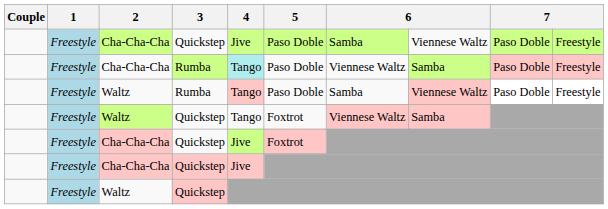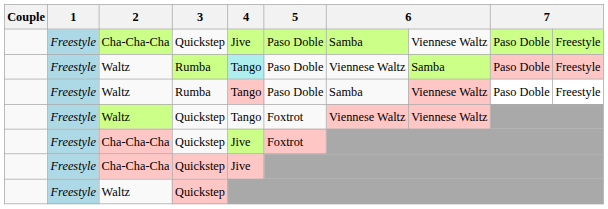 <table class="wikitable" style="text-align:left; font-size:100%; line-height:25px;">
 <tr>
 <th>Couple</th>
 <th>1</th>
 <th>2</th>
 <th>3</th>
 <th>4</th>
 <th>5</th>
 <th colspan=2>6</th>
 <th colspan=2>7</th>
 </tr>
 <tr>
 <td></td>
 <td style="background:lightblue;"><em>Freestyle</em></td>
 <td style="background:#ccff88;">Cha-Cha-Cha</td>
 <td>Quickstep</td>
 <td style="background:#ccff88;">Jive</td>
 <td style="background:#ccff88;">Paso Doble</td>
 <td style="background:#ccff88;">Samba</td>
 <td>Viennese Waltz</td>
 <td style="background:#ccff88;">Paso Doble</td>
 <td style="background:#ccff88;">Freestyle</td>
 </tr>
 <tr>
 <td></td>
 <td style="background:lightblue;"><em>Freestyle</em></td>
-<td>Cha-Cha-Cha</td>
+<td>Waltz</td>
 <td style="background:#ccff88;">Rumba</td>
 <td style="background: paleturquoise;">Tango</td>
 <td>Paso Doble</td>
 <td>Viennese Waltz</td>
 <td style="background:#ccff88;">Samba</td>
 <td style="background:#ffc6c6;">Paso Doble</td>
 <td style="background:#ffc6c6;">Freestyle</td>
 </tr>
 <tr>
 <td></td>
 <td style="background:lightblue;"><em>Freestyle</em></td>
 <td>Waltz</td>
 <td>Rumba</td>
 <td style="background:#ffc6c6;">Tango</td>
 <td>Paso Doble</td>
 <td>Samba</td>
 <td style="background:#ffc6c6;">Viennese Waltz</td>
 <td style="background:white;">Paso Doble</td>
 <td style="background:white;">Freestyle</td>
 </tr>
 <tr>
 <td></td>
 <td style="background:lightblue;"><em>Freestyle</em></td>
 <td style="background:#ccff88;">Waltz</td>
 <td>Quickstep</td>
 <td>Tango</td>
 <td>Foxtrot</td>
 <td style="background:#ffc6c6;">Viennese Waltz</td>
-<td style="background:#ffc6c6;">Samba</td>
+<td style="background:#ffc6c6;">Viennese Waltz</td>
 <td colspan=3 bgcolor="darkgray"></td>
 </tr>
 <tr>
 <td></td>
 <td style="background:lightblue;"><em>Freestyle</em></td>
 <td style="background:#ffc6c6;">Cha-Cha-Cha</td>
 <td>Quickstep</td>
 <td style="background:#ccff88;">Jive</td>
 <td style="background:#ffc6c6;">Foxtrot</td>
 <td colspan=4 bgcolor="darkgray"></td>
 </tr>
 <tr>
 <td></td>
 <td style="background:lightblue;"><em>Freestyle</em></td>
 <td style="background:#ffc6c6;">Cha-Cha-Cha</td>
 <td style="background:#ffc6c6;">Quickstep</td>
 <td style="background:#ffc6c6;">Jive</td>
 <td colspan=5 bgcolor="darkgray"></td>
 </tr>
 <tr>
 <td></td>
 <td style="background:lightblue;"><em>Freestyle</em></td>
 <td>Waltz</td>
 <td style="background:#ffc6c6;">Quickstep</td>
 <td colspan=6 bgcolor="darkgray"></td>
 </tr>
 </table>
